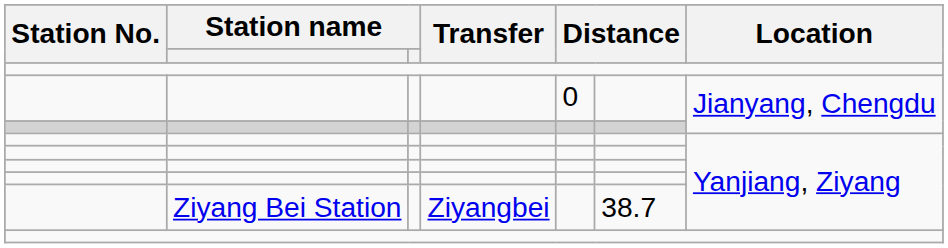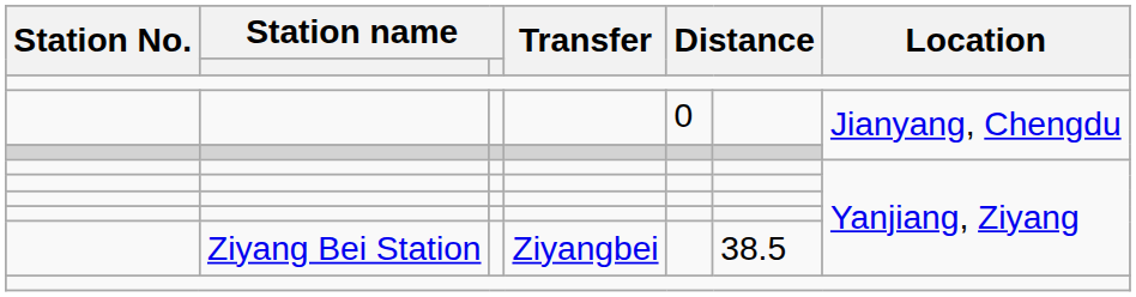 <table class="wikitable">
 <tr>
 <th rowspan="2">Station No.</th>
 <th colspan="2">Station name</th>
 <th rowspan=2>Transfer</th>
 <th colspan="2" rowspan="2">Distance<br></th>
 <th rowspan=2>Location</th>
 </tr>
 <tr>
 <th></th>
 <th></th>
 </tr>
 <tr style="background:#">
 <td colspan="7"></td>
 </tr>
 <tr>
 <td></td>
 <td></td>
 <td></td>
 <td></td>
 <td>0</td>
 <td></td>
 <td rowspan="2"><a href='#'>Jianyang</a>, <a href='#'>Chengdu</a></td>
 </tr>
 <tr bgcolor="lightgrey">
 <td></td>
 <td><em></em></td>
 <td></td>
 <td></td>
 <td></td>
 <td></td>
 </tr>
 <tr>
 <td></td>
 <td></td>
 <td></td>
 <td></td>
 <td></td>
 <td></td>
 <td rowspan="5"><a href='#'>Yanjiang</a>, <a href='#'>Ziyang</a></td>
 </tr>
 <tr>
 <td></td>
 <td></td>
 <td></td>
 <td></td>
 <td></td>
 <td></td>
 </tr>
 <tr>
 <td></td>
 <td></td>
 <td></td>
 <td></td>
 <td></td>
 <td></td>
 </tr>
 <tr>
 <td></td>
 <td></td>
 <td></td>
 <td></td>
 <td></td>
 <td></td>
 </tr>
 <tr>
 <td></td>
 <td><a href='#'>Ziyang Bei Station</a></td>
 <td></td>
 <td> <a href='#'>Ziyangbei</a></td>
 <td></td>
-<td>38.7</td>
+<td>38.5</td>
 </tr>
 <tr style="background:#">
 <td colspan="7"></td>
 </tr>
 </table>
